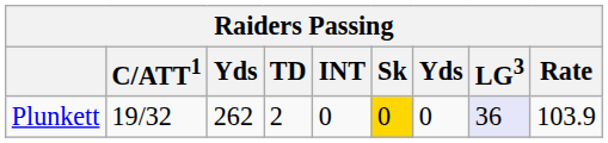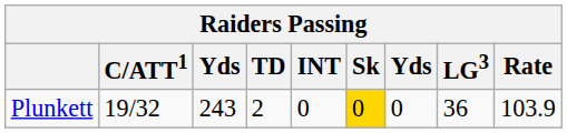 <table class="wikitable">
 <tr>
 <th colspan="9">Raiders Passing</th>
 </tr>
 <tr>
 <th></th>
 <th>C/ATT<sup>1</sup></th>
 <th>Yds</th>
 <th>TD</th>
 <th>INT</th>
 <th>Sk</th>
 <th>Yds</th>
 <th>LG<sup>3</sup></th>
 <th>Rate</th>
 </tr>
 <tr>
 <td><a href='#'>Plunkett</a></td>
 <td>19/32</td>
-<td>262</td>
+<td>243</td>
 <td>2</td>
 <td>0</td>
 <td style="background: gold;">0</td>
 <td>0</td>
-<td style="background: lavender;">36</td>
+<td>36</td>
 <td>103.9</td>
 </tr>
 </table>
